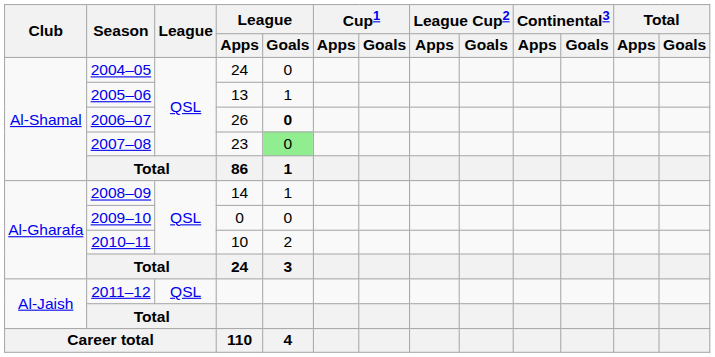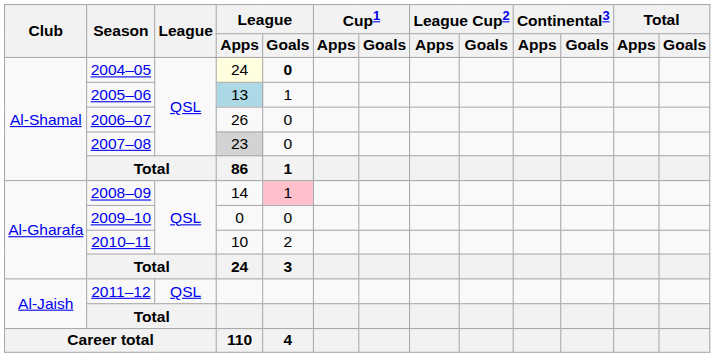 <table class="wikitable" style="font-size:90%; text-align:center;">
 <tr>
 <th rowspan="2">Club</th>
 <th rowspan="2">Season</th>
 <th rowspan="2">League</th>
 <th colspan="2">League</th>
 <th colspan="2">Cup<sup><a href='#'>1</a></sup></th>
 <th colspan="2">League Cup<sup><a href='#'>2</a></sup></th>
 <th colspan="2">Continental<sup><a href='#'>3</a></sup></th>
 <th colspan="2">Total</th>
 </tr>
 <tr>
 <th>Apps</th>
 <th>Goals</th>
 <th>Apps</th>
 <th>Goals</th>
 <th>Apps</th>
 <th>Goals</th>
 <th>Apps</th>
 <th>Goals</th>
 <th>Apps</th>
 <th>Goals</th>
 </tr>
 <tr>
 <td rowspan="5"><a href='#'>Al-Shamal</a></td>
 <td><a href='#'>2004–05</a></td>
 <td rowspan="4" valign="center"><a href='#'>QSL</a></td>
-<td>24</td>
-<td>0</td>
+<td style="background: lightyellow;">24</td>
+<td><strong>0</strong></td>
 <td></td>
 <td></td>
 <td></td>
 <td></td>
 <td></td>
 <td></td>
 <td></td>
 <td></td>
 </tr>
 <tr>
 <td><a href='#'>2005–06</a></td>
-<td>13</td>
+<td style="background: lightblue;">13</td>
 <td>1</td>
 <td></td>
 <td></td>
 <td></td>
 <td></td>
 <td></td>
 <td></td>
 <td></td>
 <td></td>
 </tr>
 <tr>
 <td><a href='#'>2006–07</a></td>
 <td>26</td>
-<td><strong>0</strong></td>
+<td>0</td>
 <td></td>
 <td></td>
 <td></td>
 <td></td>
 <td></td>
 <td></td>
 <td></td>
 <td></td>
 </tr>
 <tr>
 <td><a href='#'>2007–08</a></td>
-<td>23</td>
-<td style="background: lightgreen;">0</td>
+<td style="background: lightgrey;">23</td>
+<td>0</td>
 <td></td>
 <td></td>
 <td></td>
 <td></td>
 <td></td>
 <td></td>
 <td></td>
 <td></td>
 </tr>
 <tr>
 <th colspan="2">Total</th>
 <th>86</th>
 <th>1</th>
 <th></th>
 <th></th>
 <th></th>
 <th></th>
 <th></th>
 <th></th>
 <th></th>
 <th></th>
 </tr>
 <tr>
 <td rowspan="4"><a href='#'>Al-Gharafa</a></td>
 <td><a href='#'>2008–09</a></td>
 <td rowspan="3" valign="center"><a href='#'>QSL</a></td>
 <td>14</td>
-<td>1</td>
+<td style="background: pink;">1</td>
 <td></td>
 <td></td>
 <td></td>
 <td></td>
 <td></td>
 <td></td>
 <td></td>
 <td></td>
 </tr>
 <tr>
 <td><a href='#'>2009–10</a></td>
 <td>0</td>
 <td>0</td>
 <td></td>
 <td></td>
 <td></td>
 <td></td>
 <td></td>
 <td></td>
 <td></td>
 <td></td>
 </tr>
 <tr>
 <td><a href='#'>2010–11</a></td>
 <td>10</td>
 <td>2</td>
 <td></td>
 <td></td>
 <td></td>
 <td></td>
 <td></td>
 <td></td>
 <td></td>
 <td></td>
 </tr>
 <tr>
 <th colspan="2">Total</th>
 <th>24</th>
 <th>3</th>
 <th></th>
 <th></th>
 <th></th>
 <th></th>
 <th></th>
 <th></th>
 <th></th>
 <th></th>
 </tr>
 <tr>
 <td rowspan="2"><a href='#'>Al-Jaish</a></td>
 <td><a href='#'>2011–12</a></td>
 <td rowspan="1" valign="center"><a href='#'>QSL</a></td>
 <td></td>
 <td></td>
 <td></td>
 <td></td>
 <td></td>
 <td></td>
 <td></td>
 <td></td>
 <td></td>
 <td></td>
 </tr>
 <tr>
 <th colspan="2">Total</th>
 <th></th>
 <th></th>
 <th></th>
 <th></th>
 <th></th>
 <th></th>
 <th></th>
 <th></th>
 <th></th>
 <th></th>
 </tr>
 <tr>
 <th colspan="3">Career total</th>
 <th>110</th>
 <th>4</th>
 <th></th>
 <th></th>
 <th></th>
 <th></th>
 <th></th>
 <th></th>
 <th></th>
 <th></th>
 </tr>
 </table>
